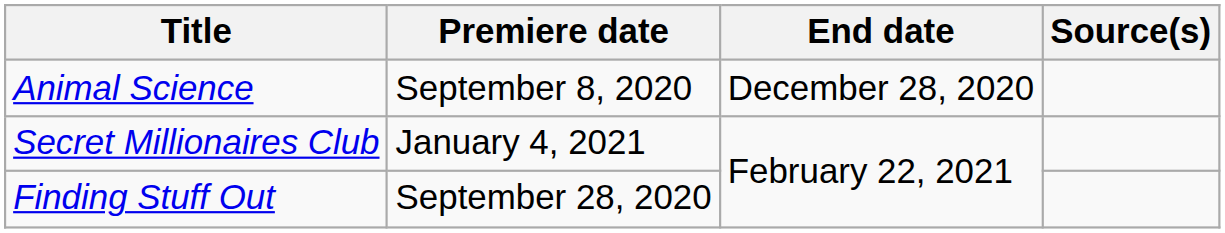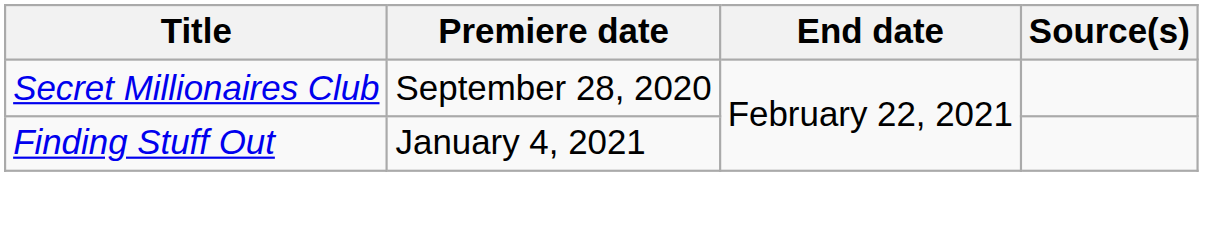 <table class="wikitable sortable">
 <tr>
 <th>Title</th>
 <th>Premiere date</th>
 <th>End date</th>
 <th>Source(s)</th>
 </tr>
 <tr>
-<td><em><a href='#'>Animal Science</a></em></td>
-<td>September 8, 2020</td>
-<td>December 28, 2020</td>
-<td></td>
-</tr>
-<tr>
 <td><em><a href='#'>Secret Millionaires Club</a></em></td>
-<td>January 4, 2021</td>
+<td>September 28, 2020</td>
 <td rowspan=2>February 22, 2021</td>
 <td></td>
 </tr>
 <tr>
 <td><em><a href='#'>Finding Stuff Out</a></em></td>
-<td>September 28, 2020</td>
+<td>January 4, 2021</td>
 <td></td>
 </tr>
 </table>
